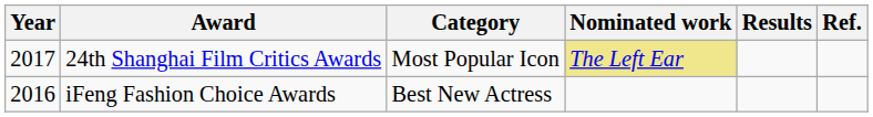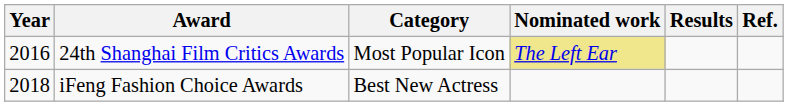 <table class="wikitable">
 <tr>
 <th width=10>Year</th>
 <th>Award</th>
 <th>Category</th>
 <th>Nominated work</th>
 <th>Results</th>
 <th>Ref.</th>
 </tr>
 <tr>
-<td>2017</td>
+<td>2016</td>
 <td>24th <a href='#'>Shanghai Film Critics Awards</a></td>
 <td>Most Popular Icon</td>
 <td style="background: khaki;"><em><a href='#'>The Left Ear</a></em></td>
 <td></td>
 <td></td>
 </tr>
 <tr>
-<td>2016</td>
+<td>2018</td>
 <td>iFeng Fashion Choice Awards</td>
 <td>Best New Actress</td>
 <td></td>
 <td></td>
 <td></td>
 </tr>
 </table>
